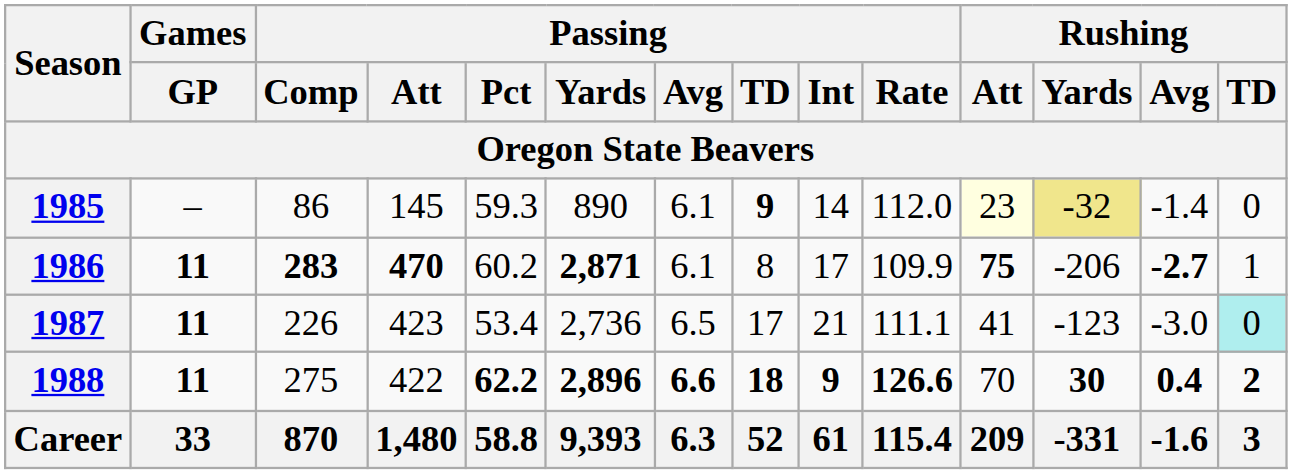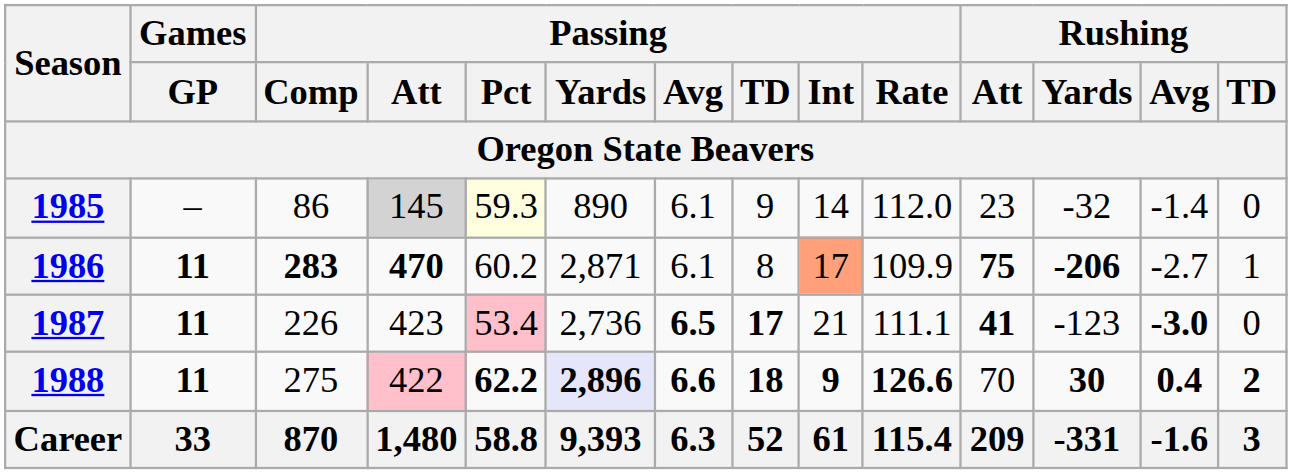 <table class="wikitable" style="text-align:center;">
 <tr>
 <th rowspan="2">Season</th>
 <th colspan="1">Games</th>
 <th colspan="8">Passing</th>
 <th colspan="4">Rushing</th>
 </tr>
 <tr>
 <th>GP</th>
 <th>Comp</th>
 <th>Att</th>
 <th>Pct</th>
 <th>Yards</th>
 <th>Avg</th>
 <th>TD</th>
 <th>Int</th>
 <th>Rate</th>
 <th>Att</th>
 <th>Yards</th>
 <th>Avg</th>
 <th>TD</th>
 </tr>
 <tr>
 <th colspan="15">Oregon State Beavers</th>
 </tr>
 <tr>
 <th><a href='#'>1985</a></th>
 <td>–</td>
 <td>86</td>
-<td>145</td>
-<td>59.3</td>
+<td style="background: lightgrey;">145</td>
+<td style="background: lightyellow;">59.3</td>
 <td>890</td>
 <td>6.1</td>
-<td><strong>9</strong></td>
+<td>9</td>
 <td>14</td>
 <td>112.0</td>
-<td style="background: lightyellow;">23</td>
-<td style="background: khaki;">-32</td>
+<td>23</td>
+<td>-32</td>
 <td>-1.4</td>
 <td>0</td>
 </tr>
 <tr>
 <th><a href='#'>1986</a></th>
 <td><strong>11</strong></td>
 <td><strong>283</strong></td>
 <td><strong>470</strong></td>
 <td>60.2</td>
-<td><strong>2,871</strong></td>
+<td>2,871</td>
 <td>6.1</td>
 <td>8</td>
-<td>17</td>
+<td style="background: lightsalmon;">17</td>
 <td>109.9</td>
 <td><strong>75</strong></td>
-<td>-206</td>
-<td><strong>-2.7</strong></td>
+<td><strong>-206</strong></td>
+<td>-2.7</td>
 <td>1</td>
 </tr>
 <tr>
 <th><a href='#'>1987</a></th>
 <td><strong>11</strong></td>
 <td>226</td>
 <td>423</td>
-<td>53.4</td>
+<td style="background: pink;">53.4</td>
 <td>2,736</td>
-<td>6.5</td>
-<td>17</td>
+<td><strong>6.5</strong></td>
+<td><strong>17</strong></td>
 <td>21</td>
 <td>111.1</td>
-<td>41</td>
+<td><strong>41</strong></td>
 <td>-123</td>
-<td>-3.0</td>
-<td style="background: paleturquoise;">0</td>
+<td><strong>-3.0</strong></td>
+<td>0</td>
 </tr>
 <tr>
 <th><a href='#'>1988</a></th>
 <td><strong>11</strong></td>
 <td>275</td>
-<td>422</td>
+<td style="background: pink;">422</td>
 <td><strong>62.2</strong></td>
-<td><strong>2,896</strong></td>
+<td style="background: lavender;"><strong>2,896</strong></td>
 <td><strong>6.6</strong></td>
 <td><strong>18</strong></td>
 <td><strong>9</strong></td>
 <td><strong>126.6</strong></td>
 <td>70</td>
 <td><strong>30</strong></td>
 <td><strong>0.4</strong></td>
 <td><strong>2</strong></td>
 </tr>
 <tr>
 <th>Career</th>
 <th>33</th>
 <th>870</th>
 <th>1,480</th>
 <th>58.8</th>
 <th>9,393</th>
 <th>6.3</th>
 <th>52</th>
 <th>61</th>
 <th>115.4</th>
 <th>209</th>
 <th>-331</th>
 <th>-1.6</th>
 <th>3</th>
 </tr>
 </table>
